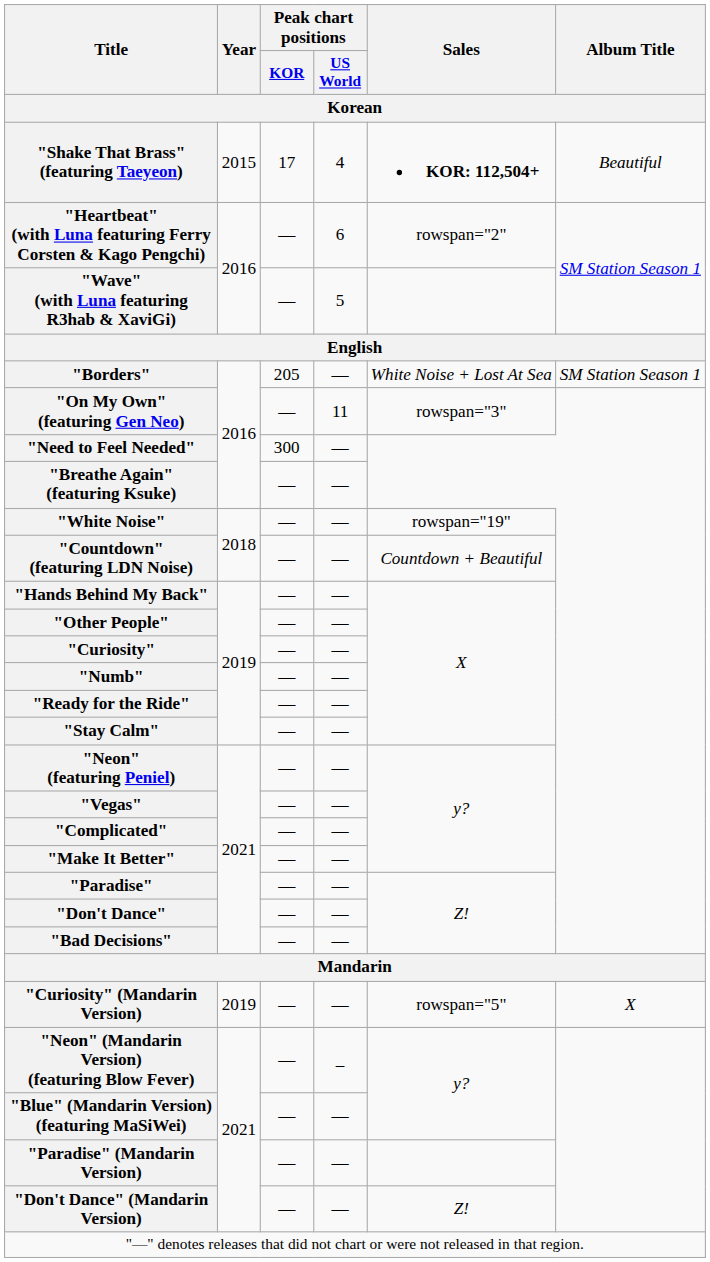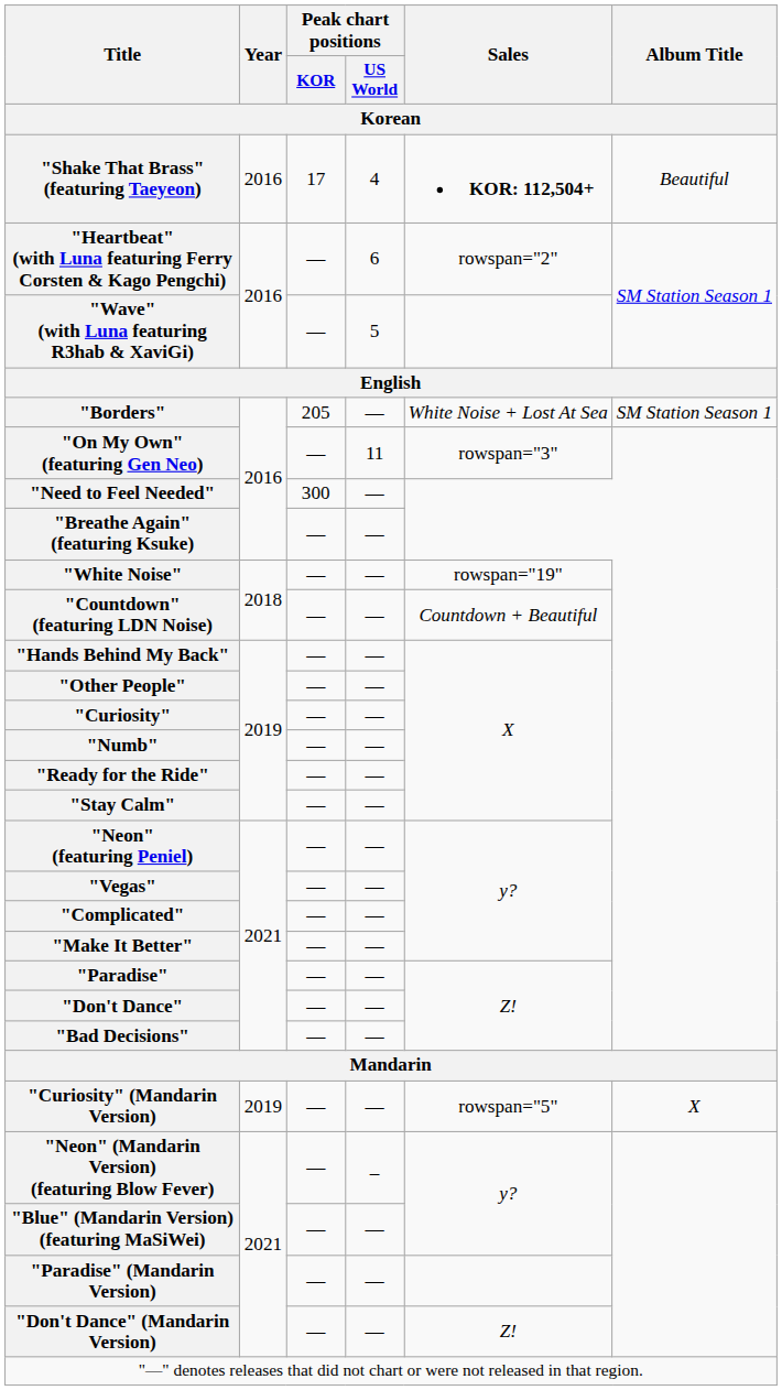 <table class="wikitable plainrowheaders" style="text-align:center" border="1">
 <tr>
 <th scope="col" rowspan="2" style="width:12em">Title</th>
 <th scope="col" rowspan="2">Year</th>
 <th scope="col" colspan="2">Peak chart positions</th>
 <th scope="col" rowspan="2">Sales</th>
 <th scope="col" rowspan="2">Album Title</th>
 </tr>
 <tr>
 <th scope="col" style="width:3em;font-size:90%"><a href='#'>KOR</a><br></th>
 <th scope="col" style="width:3em;font-size:90%"><a href='#'>US<br>World</a><br></th>
 </tr>
 <tr>
 <th colspan="6">Korean</th>
 </tr>
 <tr>
 <th scope="row">"Shake That Brass" <br><span>(featuring <a href='#'>Taeyeon</a>)</span></th>
-<td>2015</td>
+<td>2016</td>
 <td>17</td>
 <td>4</td>
 <td><strong><br><ul><li>KOR: 112,504+ </li></ul></strong></td>
 <td><em>Beautiful</em></td>
 </tr>
 <tr>
 <th scope="row">"Heartbeat" <br><span>(with <a href='#'>Luna</a> featuring Ferry Corsten & Kago Pengchi)</span></th>
 <td rowspan="2">2016</td>
 <td>—</td>
 <td>6</td>
 <td>rowspan="2" </td>
 <td rowspan="2"><em><a href='#'>SM Station Season 1</a></em></td>
 </tr>
 <tr>
 <th scope="row">"Wave" <br><span>(with <a href='#'>Luna</a> featuring R3hab & XaviGi)</span></th>
 <td>—</td>
 <td>5</td>
 </tr>
 <tr>
 <th colspan="6">English</th>
 </tr>
 <tr>
 <th scope="row">"Borders"</th>
 <td rowspan="4">2016</td>
 <td>205</td>
 <td>—</td>
 <td><em>White Noise + Lost At Sea</em></td>
 <td><em>SM Station Season 1</em></td>
 </tr>
 <tr>
 <th scope="row">"On My Own" <br><span>(featuring <a href='#'>Gen Neo</a>)</span></th>
 <td>—</td>
 <td>11</td>
 <td>rowspan="3" </td>
 </tr>
 <tr>
 <th scope="row">"Need to Feel Needed"</th>
 <td>300</td>
 <td>—</td>
 </tr>
 <tr>
 <th scope="row">"Breathe Again" <br><span>(featuring Ksuke)</span></th>
 <td>—</td>
 <td>—</td>
 </tr>
 <tr>
 <th scope="row">"White Noise"</th>
 <td rowspan="2">2018</td>
 <td>—</td>
 <td>—</td>
 <td>rowspan="19" </td>
 </tr>
 <tr>
 <th scope="row">"Countdown"<br><span>(featuring LDN Noise)</span></th>
 <td>—</td>
 <td>—</td>
 <td><em>Countdown + Beautiful</em></td>
 </tr>
 <tr>
 <th scope="row">"Hands Behind My Back"</th>
 <td rowspan="6">2019</td>
 <td>—</td>
 <td>—</td>
 <td rowspan="6"><em>X</em></td>
 </tr>
 <tr>
 <th scope="row">"Other People"</th>
 <td>—</td>
 <td>—</td>
 </tr>
 <tr>
 <th scope="row">"Curiosity"</th>
 <td>—</td>
 <td>—</td>
 </tr>
 <tr>
 <th scope="row">"Numb"</th>
 <td>—</td>
 <td>—</td>
 </tr>
 <tr>
 <th scope="row">"Ready for the Ride"</th>
 <td>—</td>
 <td>—</td>
 </tr>
 <tr>
 <th scope="row">"Stay Calm"</th>
 <td>—</td>
 <td>—</td>
 </tr>
 <tr>
 <th scope="row">"Neon"<br><span>(featuring <a href='#'>Peniel</a>)</span></th>
 <td rowspan="7">2021</td>
 <td>—</td>
 <td>—</td>
 <td rowspan="4"><em>y?</em></td>
 </tr>
 <tr>
 <th scope="row">"Vegas"</th>
 <td>—</td>
 <td>—</td>
 </tr>
 <tr>
 <th scope="row">"Complicated"</th>
 <td>—</td>
 <td>—</td>
 </tr>
 <tr>
 <th scope="row">"Make It Better"</th>
 <td>—</td>
 <td>—</td>
 </tr>
 <tr>
 <th scope="row">"Paradise"</th>
 <td>—</td>
 <td>—</td>
 <td rowspan="3"><em>Z! </em></td>
 </tr>
 <tr>
 <th scope="row">"Don't Dance"</th>
 <td>—</td>
 <td>—</td>
 </tr>
 <tr>
 <th scope="row">"Bad Decisions"</th>
 <td>—</td>
 <td>—</td>
 </tr>
 <tr>
 <th colspan="6">Mandarin</th>
 </tr>
 <tr>
 <th scope="row">"Curiosity" (Mandarin Version)</th>
 <td>2019</td>
 <td>—</td>
 <td>—</td>
 <td>rowspan="5" </td>
 <td><em>X</em></td>
 </tr>
 <tr>
 <th scope="row">"Neon" (Mandarin Version)<br><span>(featuring Blow Fever)</span></th>
 <td rowspan="4">2021</td>
 <td>—</td>
 <td>_</td>
 <td rowspan="2"><em>y?</em></td>
 </tr>
 <tr>
 <th scope="row">"Blue" (Mandarin Version)<br><span>(featuring MaSiWei)</span></th>
 <td>—</td>
 <td>—</td>
 </tr>
 <tr>
 <th scope="row">"Paradise" (Mandarin Version)</th>
 <td>—</td>
 <td>—</td>
 <td></td>
 </tr>
 <tr>
 <th scope="row">"Don't Dance" (Mandarin Version)</th>
 <td>—</td>
 <td>—</td>
 <td><em>Z! </em></td>
 </tr>
 <tr>
 <td colspan="6" style="font-size:90%">"—" denotes releases that did not chart or were not released in that region.</td>
 </tr>
 </table>
